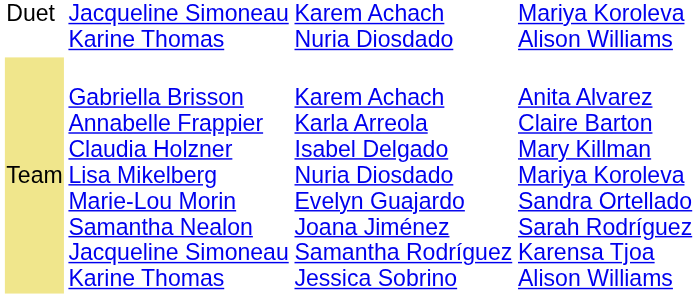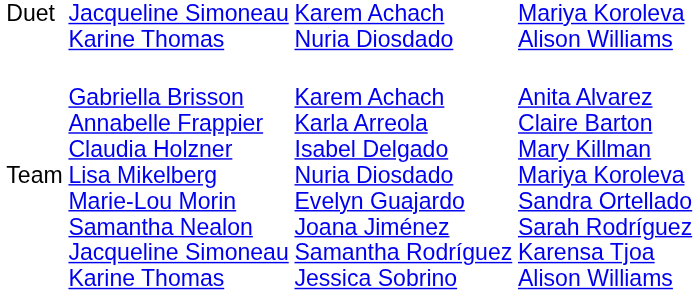 <table>
 <tr>
 <td>Duet<br></td>
 <td><br><a href='#'>Jacqueline Simoneau</a><br><a href='#'>Karine Thomas</a></td>
 <td><br><a href='#'>Karem Achach</a><br><a href='#'>Nuria Diosdado</a></td>
 <td><br><a href='#'>Mariya Koroleva</a><br><a href='#'>Alison Williams</a></td>
 </tr>
 <tr>
-<td style="background: khaki;">Team<br></td>
+<td>Team<br></td>
 <td><br><a href='#'>Gabriella Brisson</a><br><a href='#'>Annabelle Frappier</a><br><a href='#'>Claudia Holzner</a><br><a href='#'>Lisa Mikelberg</a><br><a href='#'>Marie-Lou Morin</a><br><a href='#'>Samantha Nealon</a><br><a href='#'>Jacqueline Simoneau</a><br><a href='#'>Karine Thomas</a></td>
 <td><br><a href='#'>Karem Achach</a><br><a href='#'>Karla Arreola</a><br><a href='#'>Isabel Delgado</a><br><a href='#'>Nuria Diosdado</a><br><a href='#'>Evelyn Guajardo</a><br><a href='#'>Joana Jiménez</a><br><a href='#'>Samantha Rodríguez</a><br><a href='#'>Jessica Sobrino</a></td>
 <td><br><a href='#'>Anita Alvarez</a><br><a href='#'>Claire Barton</a><br><a href='#'>Mary Killman</a><br><a href='#'>Mariya Koroleva</a><br><a href='#'>Sandra Ortellado</a><br><a href='#'>Sarah Rodríguez</a><br><a href='#'>Karensa Tjoa</a><br><a href='#'>Alison Williams</a></td>
 </tr>
 </table>
